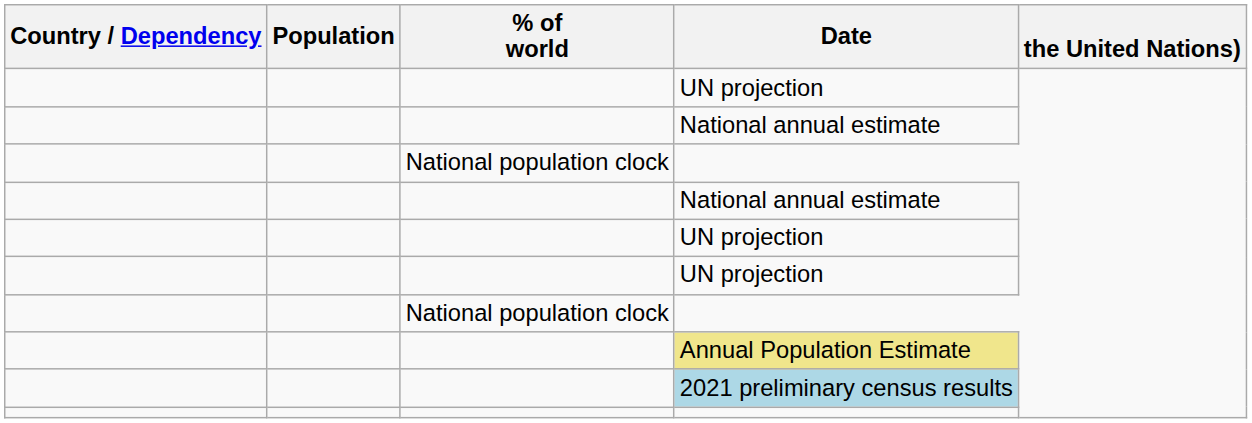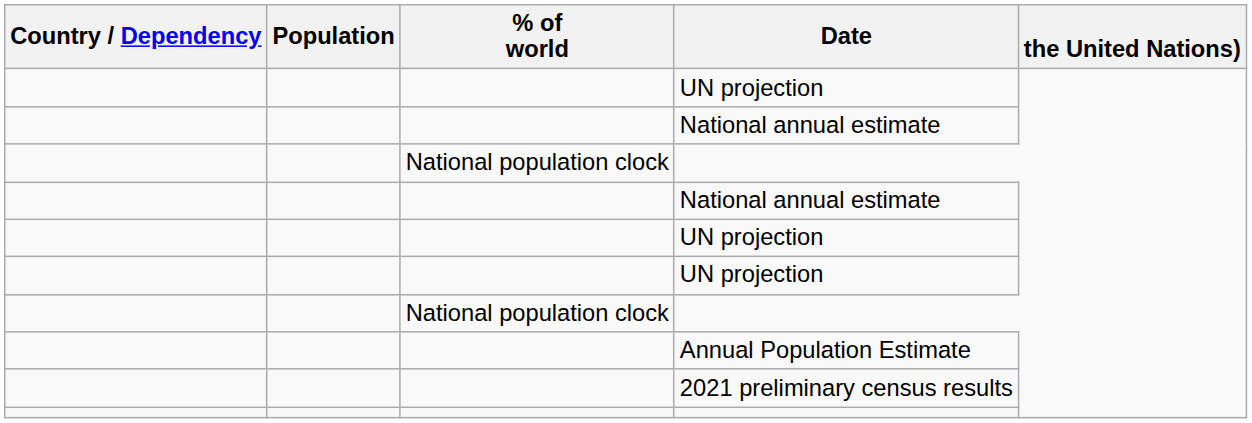 <table class="sortable wikitable sticky-header static-row-numbers sort-under col1left col5left" >
 <tr>
 <th>Country / <a href='#'>Dependency</a></th>
 <th>Population</th>
 <th>% of<br>world</th>
 <th>Date</th>
 <th><br>the United Nations)</th>
 </tr>
 <tr>
 <td></td>
 <td></td>
 <td></td>
 <td>UN projection</td>
 </tr>
 <tr>
 <td></td>
 <td></td>
 <td></td>
 <td>National annual estimate</td>
 </tr>
 <tr>
 <td></td>
 <td></td>
 <td>National population clock</td>
 </tr>
 <tr>
 <td></td>
 <td></td>
 <td></td>
 <td>National annual estimate</td>
 </tr>
 <tr>
 <td></td>
 <td></td>
 <td></td>
 <td>UN projection</td>
 </tr>
 <tr>
 <td></td>
 <td></td>
 <td></td>
 <td>UN projection</td>
 </tr>
 <tr>
 <td></td>
 <td></td>
 <td>National population clock</td>
 </tr>
 <tr>
 <td></td>
 <td></td>
 <td></td>
-<td style="background: khaki;">Annual Population Estimate</td>
+<td>Annual Population Estimate</td>
 </tr>
 <tr>
 <td></td>
 <td></td>
 <td></td>
-<td style="background: lightblue;">2021 preliminary census results</td>
+<td>2021 preliminary census results</td>
 </tr>
 <tr>
 <td></td>
 <td></td>
 <td></td>
 <td></td>
 </tr>
 </table>
